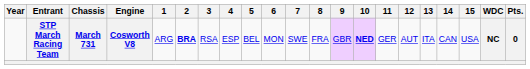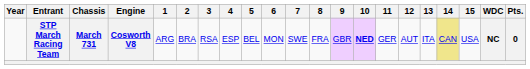 <table class="wikitable" style="text-align:center; font-size:90%">
 <tr>
 <th>Year</th>
 <th>Entrant</th>
 <th>Chassis</th>
 <th>Engine</th>
 <th>1</th>
 <th>2</th>
 <th>3</th>
 <th>4</th>
 <th>5</th>
 <th>6</th>
 <th>7</th>
 <th>8</th>
 <th>9</th>
 <th>10</th>
 <th>11</th>
 <th>12</th>
 <th>13</th>
 <th>14</th>
 <th>15</th>
 <th>WDC</th>
 <th>Pts.</th>
 </tr>
 <tr>
 <td></td>
 <th><a href='#'>STP</a> <a href='#'>March Racing Team</a></th>
 <th><a href='#'>March</a> <a href='#'>731</a></th>
 <th><a href='#'>Cosworth</a> <a href='#'>V8</a></th>
 <td><a href='#'>ARG</a></td>
-<td><strong><a href='#'>BRA</a></strong></td>
+<td><a href='#'>BRA</a></td>
 <td><a href='#'>RSA</a></td>
 <td><a href='#'>ESP</a></td>
 <td><a href='#'>BEL</a></td>
 <td><a href='#'>MON</a></td>
 <td><a href='#'>SWE</a></td>
 <td><a href='#'>FRA</a></td>
 <td style="background:#EFCFFF;"><a href='#'>GBR</a><br></td>
 <td style="background:#EFCFFF;"><strong><a href='#'>NED</a><br></strong></td>
 <td><a href='#'>GER</a></td>
 <td><a href='#'>AUT</a></td>
 <td><a href='#'>ITA</a></td>
-<td><a href='#'>CAN</a></td>
+<td style="background: khaki;"><a href='#'>CAN</a></td>
 <td><a href='#'>USA</a></td>
 <th>NC</th>
 <th>0</th>
 </tr>
 <tr>
 <th colspan="21"></th>
 </tr>
 </table>
